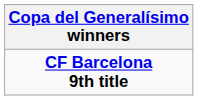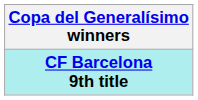 <table class="wikitable" style="text-align: center; margin: 0 auto;">
 <tr>
 <th><a href='#'>Copa del Generalísimo</a><br>winners</th>
 </tr>
 <tr>
-<td><strong><a href='#'>CF Barcelona</a></strong><br><strong>9th title</strong></td>
+<td style="background: paleturquoise;"><strong><a href='#'>CF Barcelona</a></strong><br><strong>9th title</strong></td>
 </tr>
 </table>
